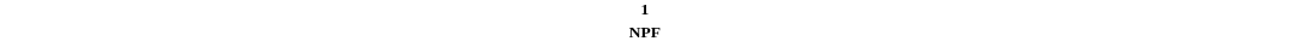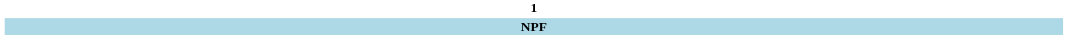 <table style="width:100%; text-align:center;">
 <tr>
 <td style="background:"><strong>1</strong></td>
 </tr>
 <tr>
-<td><span><strong>NPF</strong></span></td>
+<td style="background: lightblue;"><span><strong>NPF</strong></span></td>
 </tr>
 </table>
